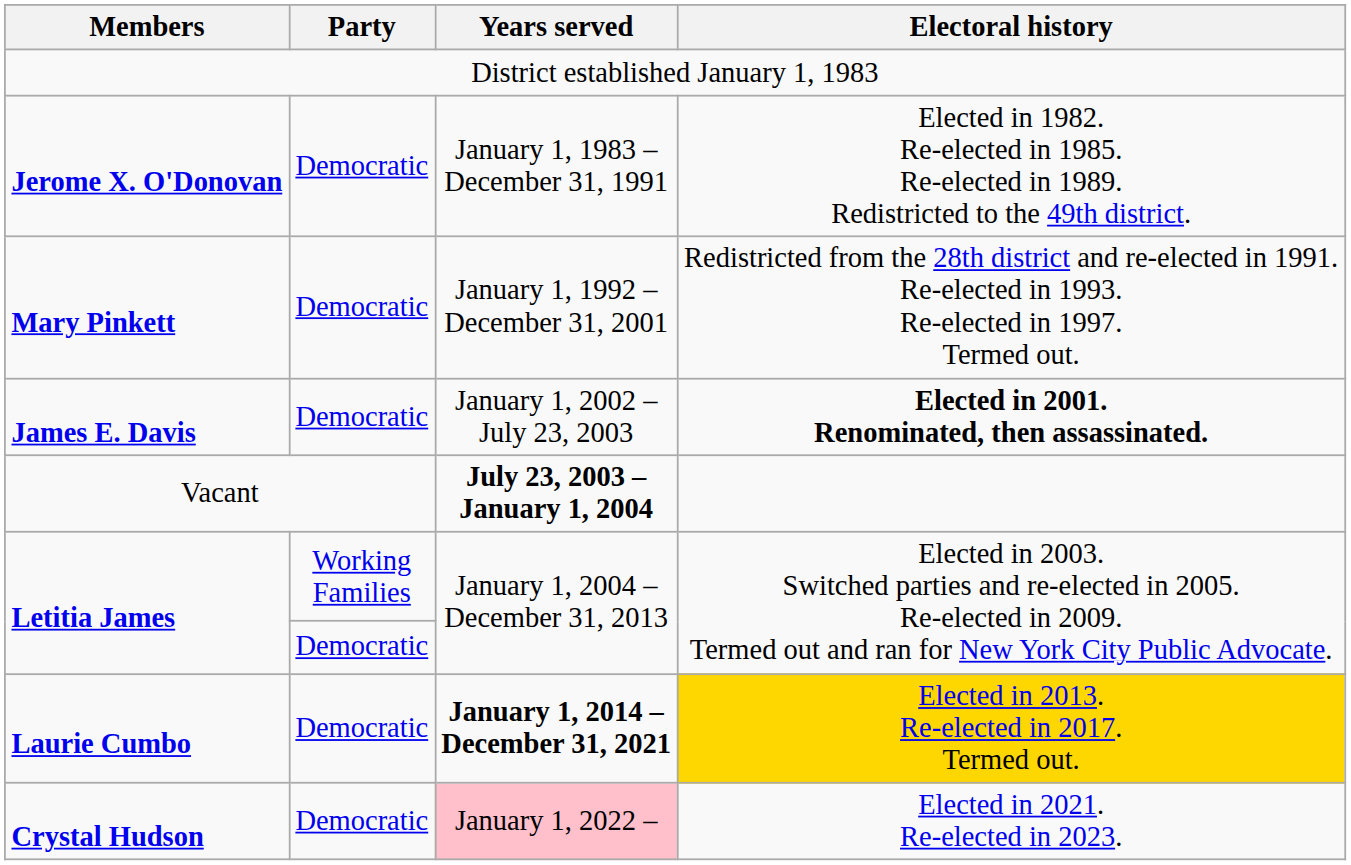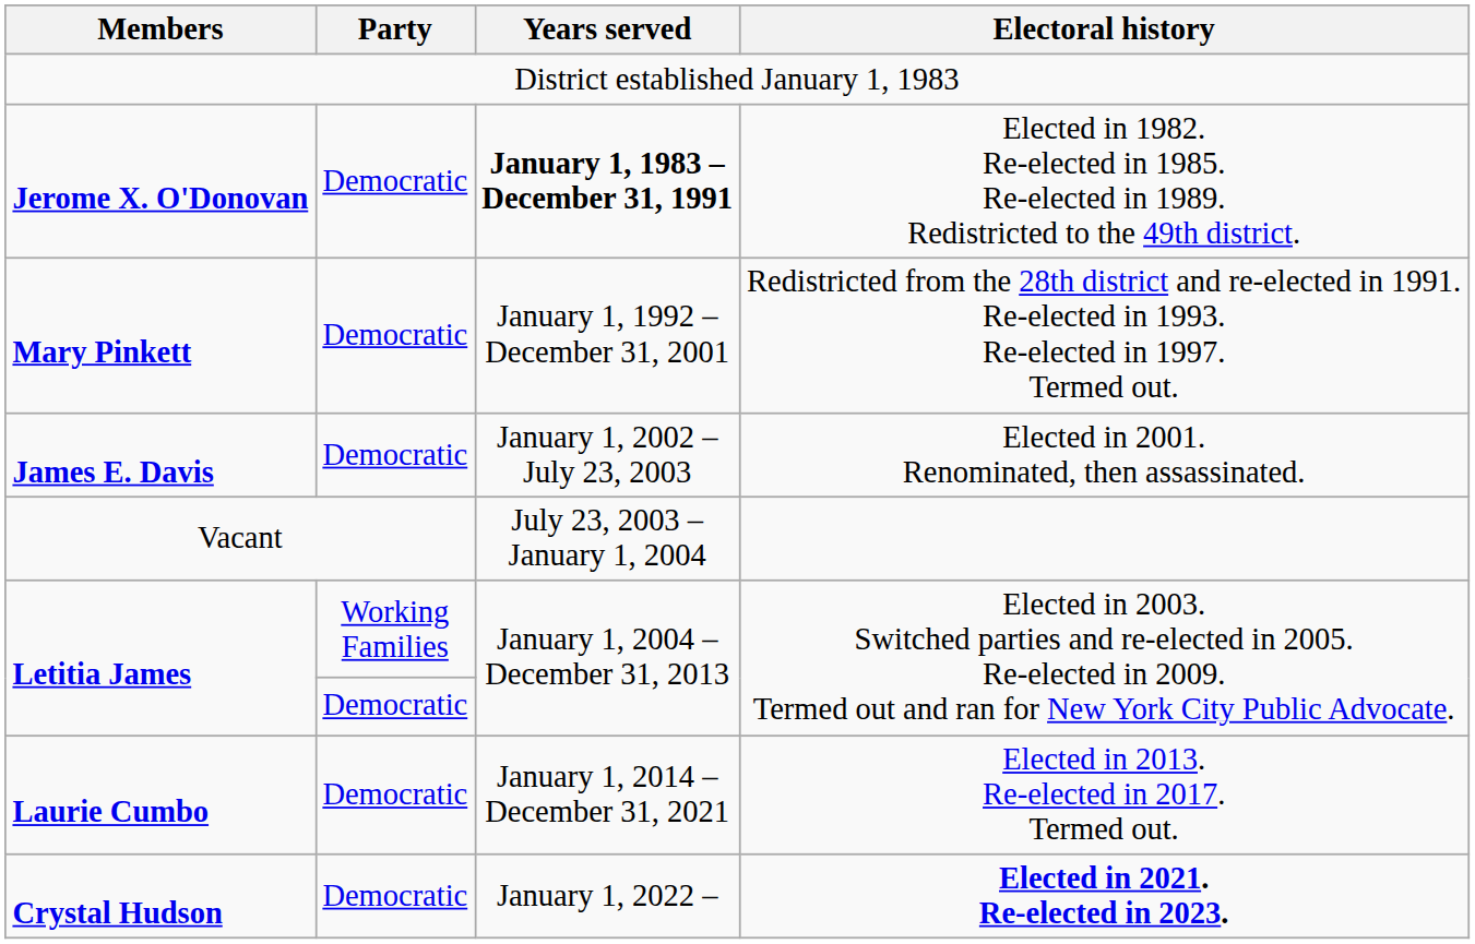 <table class=wikitable style="text-align:center">
 <tr>
 <th>Members</th>
 <th>Party</th>
 <th>Years served</th>
 <th>Electoral history</th>
 </tr>
 <tr>
 <td colspan=5>District established January 1, 1983</td>
 </tr>
 <tr>
 <td align=left><br><strong><a href='#'>Jerome X. O'Donovan</a></strong><br></td>
 <td><a href='#'>Democratic</a></td>
-<td>January 1, 1983 – <br> December 31, 1991</td>
+<td><strong>January 1, 1983 – <br> December 31, 1991</strong></td>
 <td>Elected in 1982. <br> Re-elected in 1985. <br> Re-elected in 1989. <br> Redistricted to the <a href='#'>49th district</a>.</td>
 </tr>
 <tr>
 <td align=left><br><strong><a href='#'>Mary Pinkett</a></strong><br></td>
 <td><a href='#'>Democratic</a></td>
 <td>January 1, 1992 – <br> December 31, 2001</td>
 <td>Redistricted from the <a href='#'>28th district</a> and re-elected in 1991. <br> Re-elected in 1993. <br> Re-elected in 1997. <br> Termed out.</td>
 </tr>
 <tr>
 <td align=left><br><strong><a href='#'>James E. Davis</a></strong><br></td>
 <td><a href='#'>Democratic</a></td>
 <td>January 1, 2002 – <br> July 23, 2003</td>
-<td><strong>Elected in 2001. <br> Renominated, then assassinated.</strong></td>
+<td>Elected in 2001. <br> Renominated, then assassinated.</td>
 </tr>
 <tr>
 <td colspan=2>Vacant</td>
-<td><strong>July 23, 2003 – <br> January 1, 2004</strong></td>
+<td>July 23, 2003 – <br> January 1, 2004</td>
 </tr>
 <tr>
 <td rowspan=2 align=left><br><strong><a href='#'>Letitia James</a></strong><br></td>
 <td><a href='#'>Working <br> Families</a></td>
 <td rowspan=2>January 1, 2004 – <br> December 31, 2013</td>
 <td rowspan=2>Elected in 2003. <br> Switched parties and re-elected in 2005. <br> Re-elected in 2009. <br> Termed out and ran for <a href='#'>New York City Public Advocate</a>.</td>
 </tr>
 <tr>
 <td><a href='#'>Democratic</a></td>
 </tr>
 <tr>
 <td align=left><br><strong><a href='#'>Laurie Cumbo</a></strong><br></td>
 <td><a href='#'>Democratic</a></td>
-<td><strong>January 1, 2014 – <br> December 31, 2021</strong></td>
-<td style="background: gold;"><a href='#'>Elected in 2013</a>. <br> <a href='#'>Re-elected in 2017</a>. <br> Termed out.</td>
+<td>January 1, 2014 – <br> December 31, 2021</td>
+<td><a href='#'>Elected in 2013</a>. <br> <a href='#'>Re-elected in 2017</a>. <br> Termed out.</td>
 </tr>
 <tr>
 <td align=left><br><strong><a href='#'>Crystal Hudson</a></strong><br></td>
 <td><a href='#'>Democratic</a></td>
-<td style="background: pink;">January 1, 2022 – <br></td>
-<td><a href='#'>Elected in 2021</a>.<br> <a href='#'>Re-elected in 2023</a>.</td>
+<td>January 1, 2022 – <br></td>
+<td><strong><a href='#'>Elected in 2021</a>.<br> <a href='#'>Re-elected in 2023</a>.</strong></td>
 </tr>
 </table>
